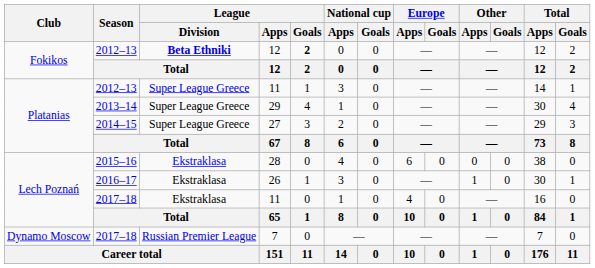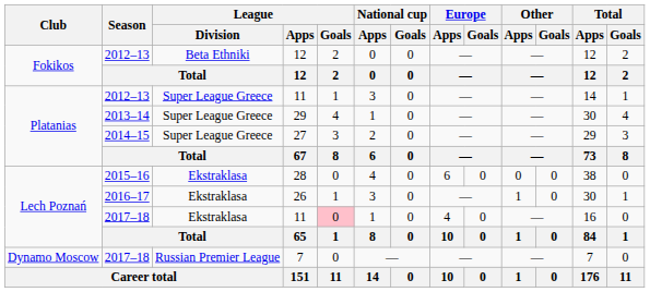 <table class="wikitable" style="text-align: center;">
 <tr>
 <th rowspan="2">Club</th>
 <th rowspan="2">Season</th>
 <th colspan="3">League</th>
 <th colspan="2">National cup</th>
 <th colspan="2"><a href='#'>Europe</a></th>
 <th colspan="2">Other</th>
 <th colspan="2">Total</th>
 </tr>
 <tr>
 <th>Division</th>
 <th>Apps</th>
 <th>Goals</th>
 <th>Apps</th>
 <th>Goals</th>
 <th>Apps</th>
 <th>Goals</th>
 <th>Apps</th>
 <th>Goals</th>
 <th>Apps</th>
 <th>Goals</th>
 </tr>
 <tr>
 <td rowspan="2"><a href='#'>Fokikos</a></td>
 <td><a href='#'>2012–13</a></td>
-<td><strong><a href='#'>Beta Ethniki</a></strong></td>
+<td><a href='#'>Beta Ethniki</a></td>
 <td>12</td>
-<td><strong>2</strong></td>
+<td>2</td>
 <td>0</td>
 <td>0</td>
 <td colspan="2">—</td>
 <td colspan="2">—</td>
 <td>12</td>
 <td>2</td>
 </tr>
 <tr>
 <th colspan="2">Total</th>
 <th>12</th>
 <th>2</th>
 <th>0</th>
 <th>0</th>
 <th colspan="2">—</th>
 <th colspan="2">—</th>
 <th>12</th>
 <th>2</th>
 </tr>
 <tr>
 <td rowspan="4"><a href='#'>Platanias</a></td>
 <td><a href='#'>2012–13</a></td>
 <td><a href='#'>Super League Greece</a></td>
 <td>11</td>
 <td>1</td>
 <td>3</td>
 <td>0</td>
 <td colspan="2">—</td>
 <td colspan="2">—</td>
 <td>14</td>
 <td>1</td>
 </tr>
 <tr>
 <td><a href='#'>2013–14</a></td>
 <td>Super League Greece</td>
 <td>29</td>
 <td>4</td>
 <td>1</td>
 <td>0</td>
 <td colspan="2">—</td>
 <td colspan="2">—</td>
 <td>30</td>
 <td>4</td>
 </tr>
 <tr>
 <td><a href='#'>2014–15</a></td>
 <td>Super League Greece</td>
 <td>27</td>
 <td>3</td>
 <td>2</td>
 <td>0</td>
 <td colspan="2">—</td>
 <td colspan="2">—</td>
 <td>29</td>
 <td>3</td>
 </tr>
 <tr>
 <th colspan="2">Total</th>
 <th>67</th>
 <th>8</th>
 <th>6</th>
 <th>0</th>
 <th colspan="2">—</th>
 <th colspan="2">—</th>
 <th>73</th>
 <th>8</th>
 </tr>
 <tr>
 <td rowspan="4"><a href='#'>Lech Poznań</a></td>
 <td><a href='#'>2015–16</a></td>
 <td><a href='#'>Ekstraklasa</a></td>
 <td>28</td>
 <td>0</td>
 <td>4</td>
 <td>0</td>
 <td>6</td>
 <td>0</td>
 <td>0</td>
 <td>0</td>
 <td>38</td>
 <td>0</td>
 </tr>
 <tr>
 <td><a href='#'>2016–17</a></td>
 <td>Ekstraklasa</td>
 <td>26</td>
 <td>1</td>
 <td>3</td>
 <td>0</td>
 <td colspan="2">—</td>
 <td>1</td>
 <td>0</td>
 <td>30</td>
 <td>1</td>
 </tr>
 <tr>
 <td><a href='#'>2017–18</a></td>
 <td>Ekstraklasa</td>
 <td>11</td>
-<td>0</td>
+<td style="background: pink;">0</td>
 <td>1</td>
 <td>0</td>
 <td>4</td>
 <td>0</td>
 <td colspan="2">—</td>
 <td>16</td>
 <td>0</td>
 </tr>
 <tr>
 <th colspan="2">Total</th>
 <th>65</th>
 <th>1</th>
 <th>8</th>
 <th>0</th>
 <th>10</th>
 <th>0</th>
 <th>1</th>
 <th>0</th>
 <th>84</th>
 <th>1</th>
 </tr>
 <tr>
 <td><a href='#'>Dynamo Moscow</a></td>
 <td><a href='#'>2017–18</a></td>
 <td><a href='#'>Russian Premier League</a></td>
 <td>7</td>
 <td>0</td>
 <td colspan=2>—</td>
 <td colspan=2>—</td>
 <td colspan=2>—</td>
 <td>7</td>
 <td>0</td>
 </tr>
 <tr>
 <th colspan="3">Career total</th>
 <th>151</th>
 <th>11</th>
 <th>14</th>
 <th>0</th>
 <th>10</th>
 <th>0</th>
 <th>1</th>
 <th>0</th>
 <th>176</th>
 <th>11</th>
 </tr>
 </table>
